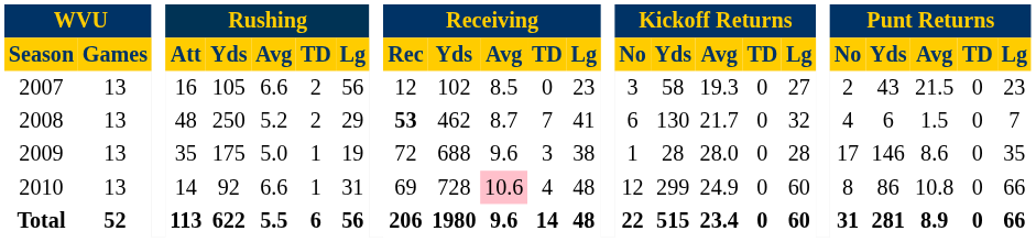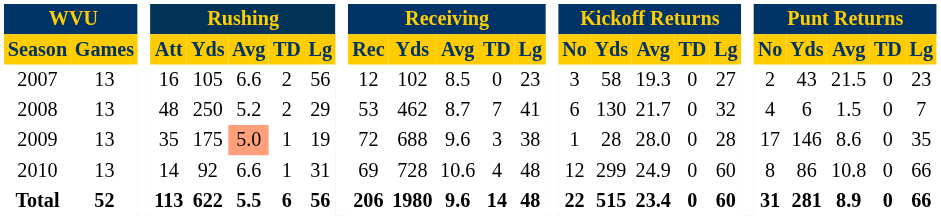 <table BORDER="0" CELLPADDING="3" CELLSPACING="0" ID="Table3" border="2">
 <tr ALIGN="center" bgcolor="#e0e0e0">
 <th ALIGN="center" colspan="2" style="background-color: #003366; color:#FFCC00"> WVU</th>
 <th ALIGN="center" rowspan="99" bgcolor="#ffffff"> </th>
 <th ALIGN="center" colspan="5" style="background-color: #003355; color:#FFCC00">Rushing</th>
 <th ALIGN="center" rowspan="99" bgcolor="#ffffff"> </th>
 <th ALIGN="center" colspan="5" style="background-color: #003366; color:#FFCC00">Receiving</th>
 <th ALIGN="center" rowspan="99" bgcolor="#ffffff"> </th>
 <th ALIGN="center" colspan="5" style="background-color: #003366; color:#FFCC00">Kickoff Returns</th>
 <th ALIGN="center" rowspan="99" bgcolor="#ffffff"> </th>
 <th ALIGN="center" colspan="5" style="background-color: #003366; color:#FFCC00">Punt Returns</th>
 </tr>
 <tr ALIGN="center" style="background-color: #FFCC00; color:#003366">
 <th ALIGN="center">Season</th>
 <th ALIGN="center">Games</th>
 <th ALIGN="center">Att</th>
 <th ALIGN="center">Yds</th>
 <th ALIGN="center">Avg</th>
 <th ALIGN="center">TD</th>
 <th ALIGN="center">Lg</th>
 <th ALIGN="center">Rec</th>
 <th ALIGN="center">Yds</th>
 <th ALIGN="center">Avg</th>
 <th ALIGN="center">TD</th>
 <th ALIGN="center">Lg</th>
 <th ALIGN="center">No</th>
 <th ALIGN="center">Yds</th>
 <th ALIGN="center">Avg</th>
 <th ALIGN="center">TD</th>
 <th ALIGN="center">Lg</th>
 <th ALIGN="center">No</th>
 <th ALIGN="center">Yds</th>
 <th ALIGN="center">Avg</th>
 <th ALIGN="center">TD</th>
 <th ALIGN="center">Lg</th>
 </tr>
 <tr ALIGN="center">
 </tr>
 <tr ALIGN="center">
 <td ALIGN="center">2007</td>
 <td ALIGN="center">13</td>
 <td ALIGN="center">16</td>
 <td ALIGN="center">105</td>
 <td ALIGN="center">6.6</td>
 <td ALIGN="center">2</td>
 <td ALIGN="center">56</td>
 <td ALIGN="center">12</td>
 <td ALIGN="center">102</td>
 <td ALIGN="center">8.5</td>
 <td ALIGN="center">0</td>
 <td ALIGN="center">23</td>
 <td ALIGN="center">3</td>
 <td ALIGN="center">58</td>
 <td ALIGN="center">19.3</td>
 <td ALIGN="center">0</td>
 <td ALIGN="center">27</td>
 <td ALIGN="center">2</td>
 <td ALIGN="center">43</td>
 <td ALIGN="center">21.5</td>
 <td ALIGN="center">0</td>
 <td ALIGN="center">23</td>
 </tr>
 <tr ALIGN="center" bgcolor="#f0f0f0">
 </tr>
 <tr ALIGN="center">
 <td ALIGN="center">2008</td>
 <td ALIGN="center">13</td>
 <td ALIGN="center">48</td>
 <td ALIGN="center">250</td>
 <td ALIGN="center">5.2</td>
 <td ALIGN="center">2</td>
 <td ALIGN="center">29</td>
-<td ALIGN="center"><strong>53</strong></td>
+<td ALIGN="center">53</td>
 <td ALIGN="center">462</td>
 <td ALIGN="center">8.7</td>
 <td ALIGN="center">7</td>
 <td ALIGN="center">41</td>
 <td ALIGN="center">6</td>
 <td ALIGN="center">130</td>
 <td ALIGN="center">21.7</td>
 <td ALIGN="center">0</td>
 <td ALIGN="center">32</td>
 <td ALIGN="center">4</td>
 <td ALIGN="center">6</td>
 <td ALIGN="center">1.5</td>
 <td ALIGN="center">0</td>
 <td ALIGN="center">7</td>
 </tr>
 <tr ALIGN="center" bgcolor="#f0f0f0">
 </tr>
 <tr ALIGN="center">
 <td ALIGN="center">2009</td>
 <td ALIGN="center">13</td>
 <td ALIGN="center">35</td>
 <td ALIGN="center">175</td>
-<td ALIGN="center">5.0</td>
+<td ALIGN="center" style="background: lightsalmon;">5.0</td>
 <td ALIGN="center">1</td>
 <td ALIGN="center">19</td>
 <td ALIGN="center">72</td>
 <td ALIGN="center">688</td>
 <td ALIGN="center">9.6</td>
 <td ALIGN="center">3</td>
 <td ALIGN="center">38</td>
 <td ALIGN="center">1</td>
 <td ALIGN="center">28</td>
 <td ALIGN="center">28.0</td>
 <td ALIGN="center">0</td>
 <td ALIGN="center">28</td>
 <td ALIGN="center">17</td>
 <td ALIGN="center">146</td>
 <td ALIGN="center">8.6</td>
 <td ALIGN="center">0</td>
 <td ALIGN="center">35</td>
 </tr>
 <tr ALIGN="center" bgcolor="#f0f0f0">
 </tr>
 <tr ALIGN="center">
 <td ALIGN="center">2010</td>
 <td ALIGN="center">13</td>
 <td ALIGN="center">14</td>
 <td ALIGN="center">92</td>
 <td ALIGN="center">6.6</td>
 <td ALIGN="center">1</td>
 <td ALIGN="center">31</td>
 <td ALIGN="center">69</td>
 <td ALIGN="center">728</td>
-<td ALIGN="center" style="background: pink;">10.6</td>
+<td ALIGN="center">10.6</td>
 <td ALIGN="center">4</td>
 <td ALIGN="center">48</td>
 <td ALIGN="center">12</td>
 <td ALIGN="center">299</td>
 <td ALIGN="center">24.9</td>
 <td ALIGN="center">0</td>
 <td ALIGN="center">60</td>
 <td ALIGN="center">8</td>
 <td ALIGN="center">86</td>
 <td ALIGN="center">10.8</td>
 <td ALIGN="center">0</td>
 <td ALIGN="center">66</td>
 </tr>
 <tr ALIGN="center" bgcolor="#f0f0f0">
 </tr>
 <tr ALIGN="center">
 <th ALIGN="center">Total</th>
 <th ALIGN="center">52</th>
 <th ALIGN="center">113</th>
 <th ALIGN="center">622</th>
 <th ALIGN="center">5.5</th>
 <th ALIGN="center">6</th>
 <th ALIGN="center">56</th>
 <th ALIGN="center">206</th>
 <th ALIGN="center">1980</th>
 <th ALIGN="center">9.6</th>
 <th ALIGN="center">14</th>
 <th ALIGN="center">48</th>
 <th ALIGN="center">22</th>
 <th ALIGN="center">515</th>
 <th ALIGN="center">23.4</th>
 <th ALIGN="center">0</th>
 <th ALIGN="center">60</th>
 <th ALIGN="center">31</th>
 <th ALIGN="center">281</th>
 <th ALIGN="center">8.9</th>
 <th ALIGN="center">0</th>
 <th ALIGN="center">66</th>
 </tr>
 <tr ALIGN="center" bgcolor="#f0f0f0">
 </tr>
 </table>
